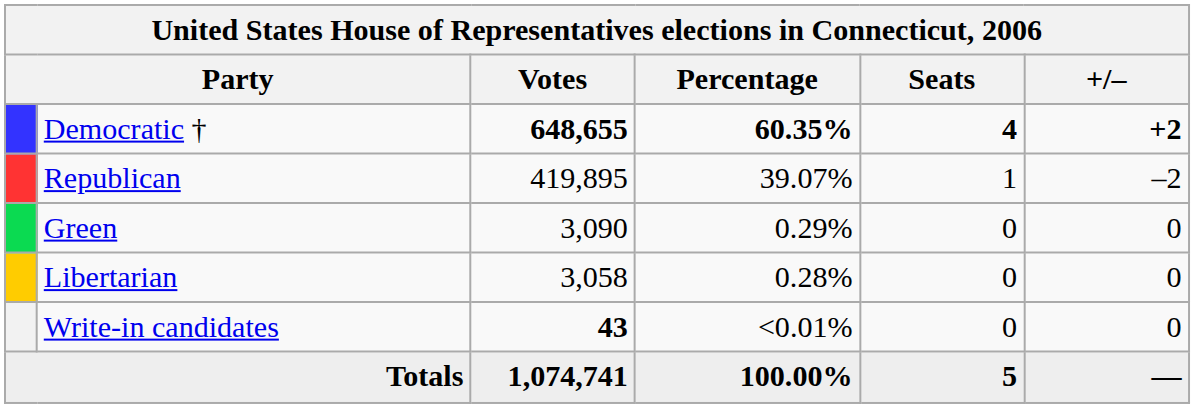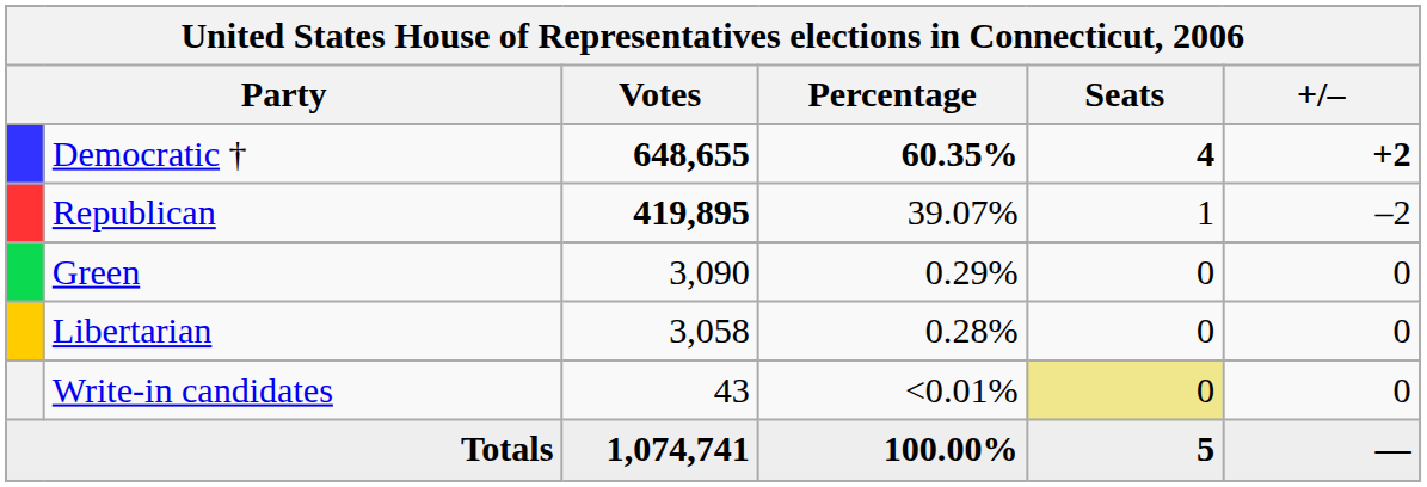 <table class="wikitable" style="font-size: 95%;">
 <tr>
 <th colspan="6">United States House of Representatives elections in Connecticut, 2006</th>
 </tr>
 <tr>
 <th colspan=2 style="width: 15em">Party</th>
 <th style="width: 5em">Votes</th>
 <th style="width: 7em">Percentage</th>
 <th style="width: 5em">Seats</th>
 <th style="width: 5em">+/–</th>
 </tr>
 <tr>
 <th style="background-color:#3333FF; width: 3px"></th>
 <td style="width: 130px"><a href='#'>Democratic</a> †</td>
 <td align="right"><strong>648,655</strong></td>
 <td align="right"><strong>60.35%</strong></td>
 <td align="right"><strong>4</strong></td>
 <td align="right"><strong>+2</strong></td>
 </tr>
 <tr>
 <th style="background-color:#FF3333; width: 3px"></th>
 <td style="width: 130px"><a href='#'>Republican</a></td>
-<td align="right">419,895</td>
+<td align="right"><strong>419,895</strong></td>
 <td align="right">39.07%</td>
 <td align="right">1</td>
 <td align="right">–2</td>
 </tr>
 <tr>
 <th style="background-color:#0BDA51; width: 3px"></th>
 <td style="width: 130px"><a href='#'>Green</a></td>
 <td align="right">3,090</td>
 <td align="right">0.29%</td>
 <td align="right">0</td>
 <td align="right">0</td>
 </tr>
 <tr>
 <th style="background-color:#FFCC00; width: 3px"></th>
 <td style="width: 130px"><a href='#'>Libertarian</a></td>
 <td align="right">3,058</td>
 <td align="right">0.28%</td>
 <td align="right">0</td>
 <td align="right">0</td>
 </tr>
 <tr>
 <th style="background-color:#white; width: 3px"></th>
 <td style="width: 130px"><a href='#'>Write-in candidates</a></td>
-<td align="right"><strong>43</strong></td>
+<td align="right">43</td>
 <td align="right"><0.01%</td>
-<td align="right">0</td>
+<td align="right" style="background: khaki;">0</td>
 <td align="right">0</td>
 </tr>
 <tr bgcolor="#EEEEEE">
 <td colspan="2" align="right"><strong>Totals</strong></td>
 <td align="right"><strong>1,074,741</strong></td>
 <td align="right"><strong>100.00%</strong></td>
 <td align="right"><strong>5</strong></td>
 <td align="right"><strong>—</strong></td>
 </tr>
 </table>
